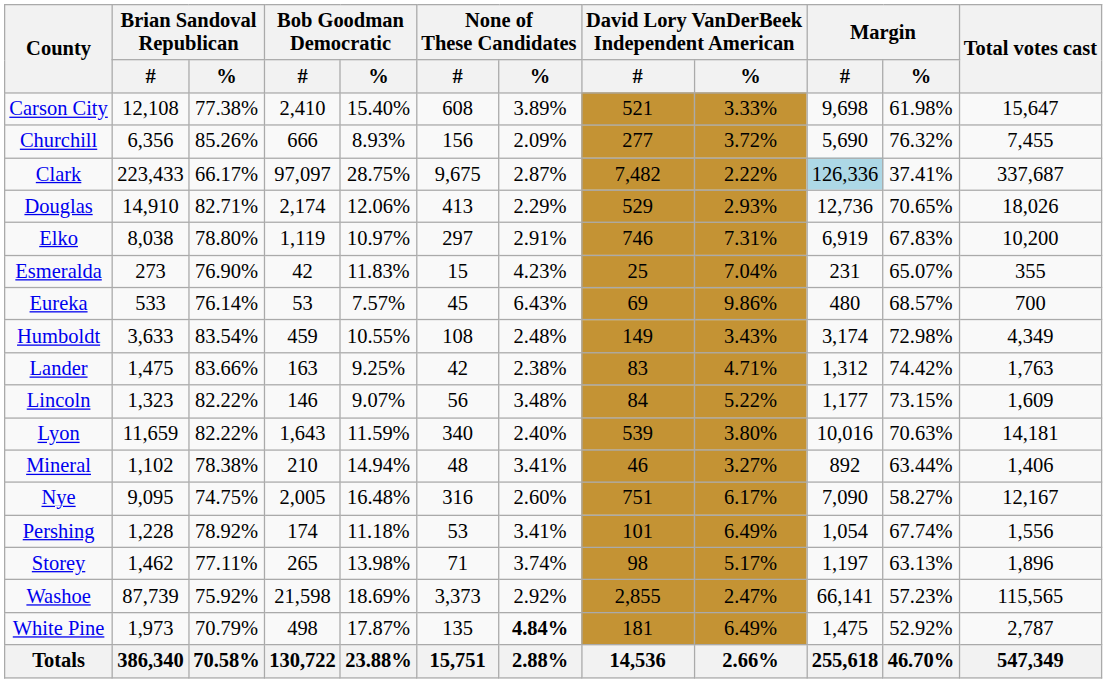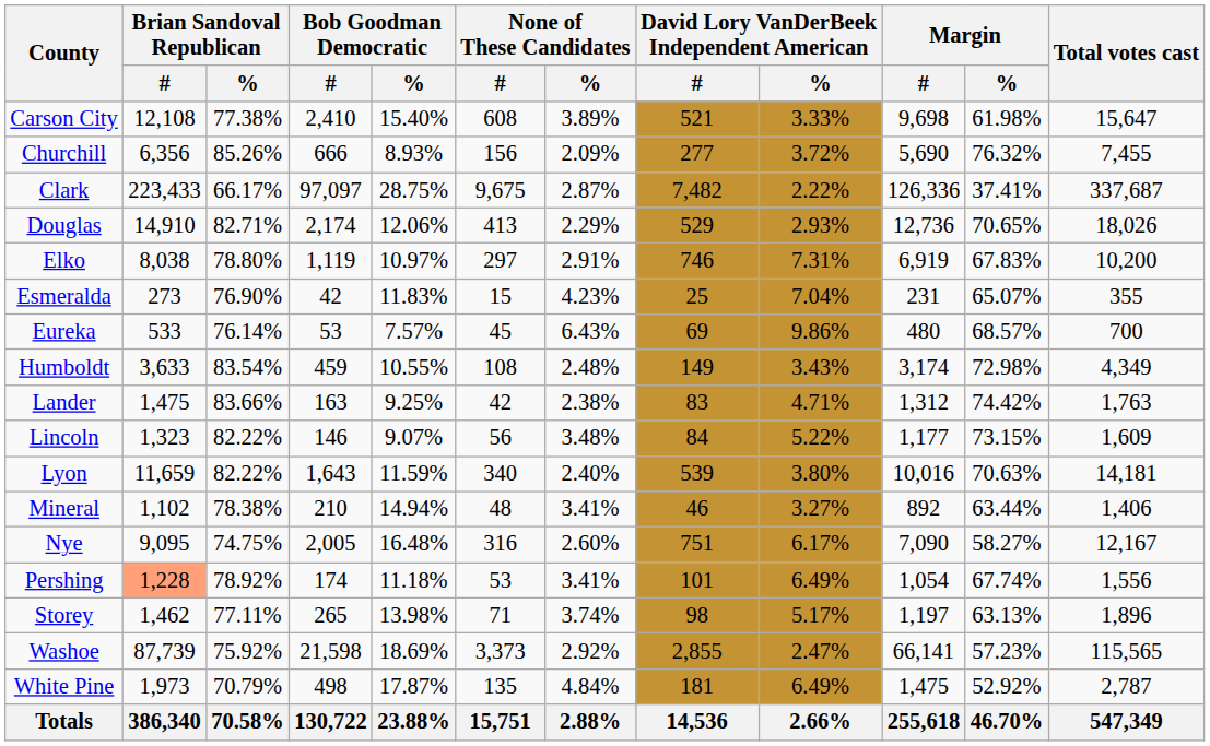 <table class="wikitable sortable" style="text-align:center">
 <tr>
 <th rowspan="2">County</th>
 <th style="text-align:center;" colspan="2">Brian Sandoval<br>Republican</th>
 <th style="text-align:center;" colspan="2">Bob Goodman<br>Democratic</th>
 <th style="text-align:center;" colspan="2">None of<br>These Candidates</th>
 <th style="text-align:center;" colspan="2">David Lory VanDerBeek<br>Independent American</th>
 <th style="text-align:center;" colspan="2">Margin</th>
 <th style="text-align:center;" rowspan="2">Total votes cast</th>
 </tr>
 <tr>
 <th style="text-align:center;" data-sort-type="number">#</th>
 <th style="text-align:center;" data-sort-type="number">%</th>
 <th style="text-align:center;" data-sort-type="number">#</th>
 <th style="text-align:center;" data-sort-type="number">%</th>
 <th style="text-align:center;" data-sort-type="number">#</th>
 <th style="text-align:center;" data-sort-type="number">%</th>
 <th style="text-align:center;" data-sort-type="number">#</th>
 <th style="text-align:center;" data-sort-type="number">%</th>
 <th style="text-align:center;" data-sort-type="number">#</th>
 <th style="text-align:center;" data-sort-type="number">%</th>
 </tr>
 <tr style="text-align:center;">
 <td><a href='#'>Carson City</a></td>
 <td>12,108</td>
 <td>77.38%</td>
 <td>2,410</td>
 <td>15.40%</td>
 <td>608</td>
 <td>3.89%</td>
 <td bgcolor="#c49334">521</td>
 <td bgcolor="#c49334">3.33%</td>
 <td>9,698</td>
 <td>61.98%</td>
 <td>15,647</td>
 </tr>
 <tr style="text-align:center;">
 <td><a href='#'>Churchill</a></td>
 <td>6,356</td>
 <td>85.26%</td>
 <td>666</td>
 <td>8.93%</td>
 <td>156</td>
 <td>2.09%</td>
 <td bgcolor="#c49334">277</td>
 <td bgcolor="#c49334">3.72%</td>
 <td>5,690</td>
 <td>76.32%</td>
 <td>7,455</td>
 </tr>
 <tr style="text-align:center;">
 <td><a href='#'>Clark</a></td>
 <td>223,433</td>
 <td>66.17%</td>
 <td>97,097</td>
 <td>28.75%</td>
 <td>9,675</td>
 <td>2.87%</td>
 <td bgcolor="#c49334">7,482</td>
 <td bgcolor="#c49334">2.22%</td>
-<td style="background: lightblue;">126,336</td>
+<td>126,336</td>
 <td>37.41%</td>
 <td>337,687</td>
 </tr>
 <tr style="text-align:center;">
 <td><a href='#'>Douglas</a></td>
 <td>14,910</td>
 <td>82.71%</td>
 <td>2,174</td>
 <td>12.06%</td>
 <td>413</td>
 <td>2.29%</td>
 <td bgcolor="#c49334">529</td>
 <td bgcolor="#c49334">2.93%</td>
 <td>12,736</td>
 <td>70.65%</td>
 <td>18,026</td>
 </tr>
 <tr style="text-align:center;">
 <td><a href='#'>Elko</a></td>
 <td>8,038</td>
 <td>78.80%</td>
 <td>1,119</td>
 <td>10.97%</td>
 <td>297</td>
 <td>2.91%</td>
 <td bgcolor="#c49334">746</td>
 <td bgcolor="#c49334">7.31%</td>
 <td>6,919</td>
 <td>67.83%</td>
 <td>10,200</td>
 </tr>
 <tr style="text-align:center;">
 <td><a href='#'>Esmeralda</a></td>
 <td>273</td>
 <td>76.90%</td>
 <td>42</td>
 <td>11.83%</td>
 <td>15</td>
 <td>4.23%</td>
 <td bgcolor="#c49334">25</td>
 <td bgcolor="#c49334">7.04%</td>
 <td>231</td>
 <td>65.07%</td>
 <td>355</td>
 </tr>
 <tr style="text-align:center;">
 <td><a href='#'>Eureka</a></td>
 <td>533</td>
 <td>76.14%</td>
 <td>53</td>
 <td>7.57%</td>
 <td>45</td>
 <td>6.43%</td>
 <td bgcolor="#c49334">69</td>
 <td bgcolor="#c49334">9.86%</td>
 <td>480</td>
 <td>68.57%</td>
 <td>700</td>
 </tr>
 <tr style="text-align:center;">
 <td><a href='#'>Humboldt</a></td>
 <td>3,633</td>
 <td>83.54%</td>
 <td>459</td>
 <td>10.55%</td>
 <td>108</td>
 <td>2.48%</td>
 <td bgcolor="#c49334">149</td>
 <td bgcolor="#c49334">3.43%</td>
 <td>3,174</td>
 <td>72.98%</td>
 <td>4,349</td>
 </tr>
 <tr style="text-align:center;">
 <td><a href='#'>Lander</a></td>
 <td>1,475</td>
 <td>83.66%</td>
 <td>163</td>
 <td>9.25%</td>
 <td>42</td>
 <td>2.38%</td>
 <td bgcolor="#c49334">83</td>
 <td bgcolor="#c49334">4.71%</td>
 <td>1,312</td>
 <td>74.42%</td>
 <td>1,763</td>
 </tr>
 <tr style="text-align:center;">
 <td><a href='#'>Lincoln</a></td>
 <td>1,323</td>
 <td>82.22%</td>
 <td>146</td>
 <td>9.07%</td>
 <td>56</td>
 <td>3.48%</td>
 <td bgcolor="#c49334">84</td>
 <td bgcolor="#c49334">5.22%</td>
 <td>1,177</td>
 <td>73.15%</td>
 <td>1,609</td>
 </tr>
 <tr style="text-align:center;">
 <td><a href='#'>Lyon</a></td>
 <td>11,659</td>
 <td>82.22%</td>
 <td>1,643</td>
 <td>11.59%</td>
 <td>340</td>
 <td>2.40%</td>
 <td bgcolor="#c49334">539</td>
 <td bgcolor="#c49334">3.80%</td>
 <td>10,016</td>
 <td>70.63%</td>
 <td>14,181</td>
 </tr>
 <tr style="text-align:center;">
 <td><a href='#'>Mineral</a></td>
 <td>1,102</td>
 <td>78.38%</td>
 <td>210</td>
 <td>14.94%</td>
 <td>48</td>
 <td>3.41%</td>
 <td bgcolor="#c49334">46</td>
 <td bgcolor="#c49334">3.27%</td>
 <td>892</td>
 <td>63.44%</td>
 <td>1,406</td>
 </tr>
 <tr style="text-align:center;">
 <td><a href='#'>Nye</a></td>
 <td>9,095</td>
 <td>74.75%</td>
 <td>2,005</td>
 <td>16.48%</td>
 <td>316</td>
 <td>2.60%</td>
 <td bgcolor="#c49334">751</td>
 <td bgcolor="#c49334">6.17%</td>
 <td>7,090</td>
 <td>58.27%</td>
 <td>12,167</td>
 </tr>
 <tr style="text-align:center;">
 <td><a href='#'>Pershing</a></td>
-<td>1,228</td>
+<td style="background: lightsalmon;">1,228</td>
 <td>78.92%</td>
 <td>174</td>
 <td>11.18%</td>
 <td>53</td>
 <td>3.41%</td>
 <td bgcolor="#c49334">101</td>
 <td bgcolor="#c49334">6.49%</td>
 <td>1,054</td>
 <td>67.74%</td>
 <td>1,556</td>
 </tr>
 <tr style="text-align:center;">
 <td><a href='#'>Storey</a></td>
 <td>1,462</td>
 <td>77.11%</td>
 <td>265</td>
 <td>13.98%</td>
 <td>71</td>
 <td>3.74%</td>
 <td bgcolor="#c49334">98</td>
 <td bgcolor="#c49334">5.17%</td>
 <td>1,197</td>
 <td>63.13%</td>
 <td>1,896</td>
 </tr>
 <tr style="text-align:center;">
 <td><a href='#'>Washoe</a></td>
 <td>87,739</td>
 <td>75.92%</td>
 <td>21,598</td>
 <td>18.69%</td>
 <td>3,373</td>
 <td>2.92%</td>
 <td bgcolor="#c49334">2,855</td>
 <td bgcolor="#c49334">2.47%</td>
 <td>66,141</td>
 <td>57.23%</td>
 <td>115,565</td>
 </tr>
 <tr style="text-align:center;">
 <td><a href='#'>White Pine</a></td>
 <td>1,973</td>
 <td>70.79%</td>
 <td>498</td>
 <td>17.87%</td>
 <td>135</td>
-<td><strong>4.84%</strong></td>
+<td>4.84%</td>
 <td bgcolor="#c49334">181</td>
 <td bgcolor="#c49334">6.49%</td>
 <td>1,475</td>
 <td>52.92%</td>
 <td>2,787</td>
 </tr>
 <tr style="text-align:center;">
 <th>Totals</th>
 <th>386,340</th>
 <th>70.58%</th>
 <th>130,722</th>
 <th>23.88%</th>
 <th>15,751</th>
 <th>2.88%</th>
 <th>14,536</th>
 <th>2.66%</th>
 <th>255,618</th>
 <th>46.70%</th>
 <th>547,349</th>
 </tr>
 </table>
